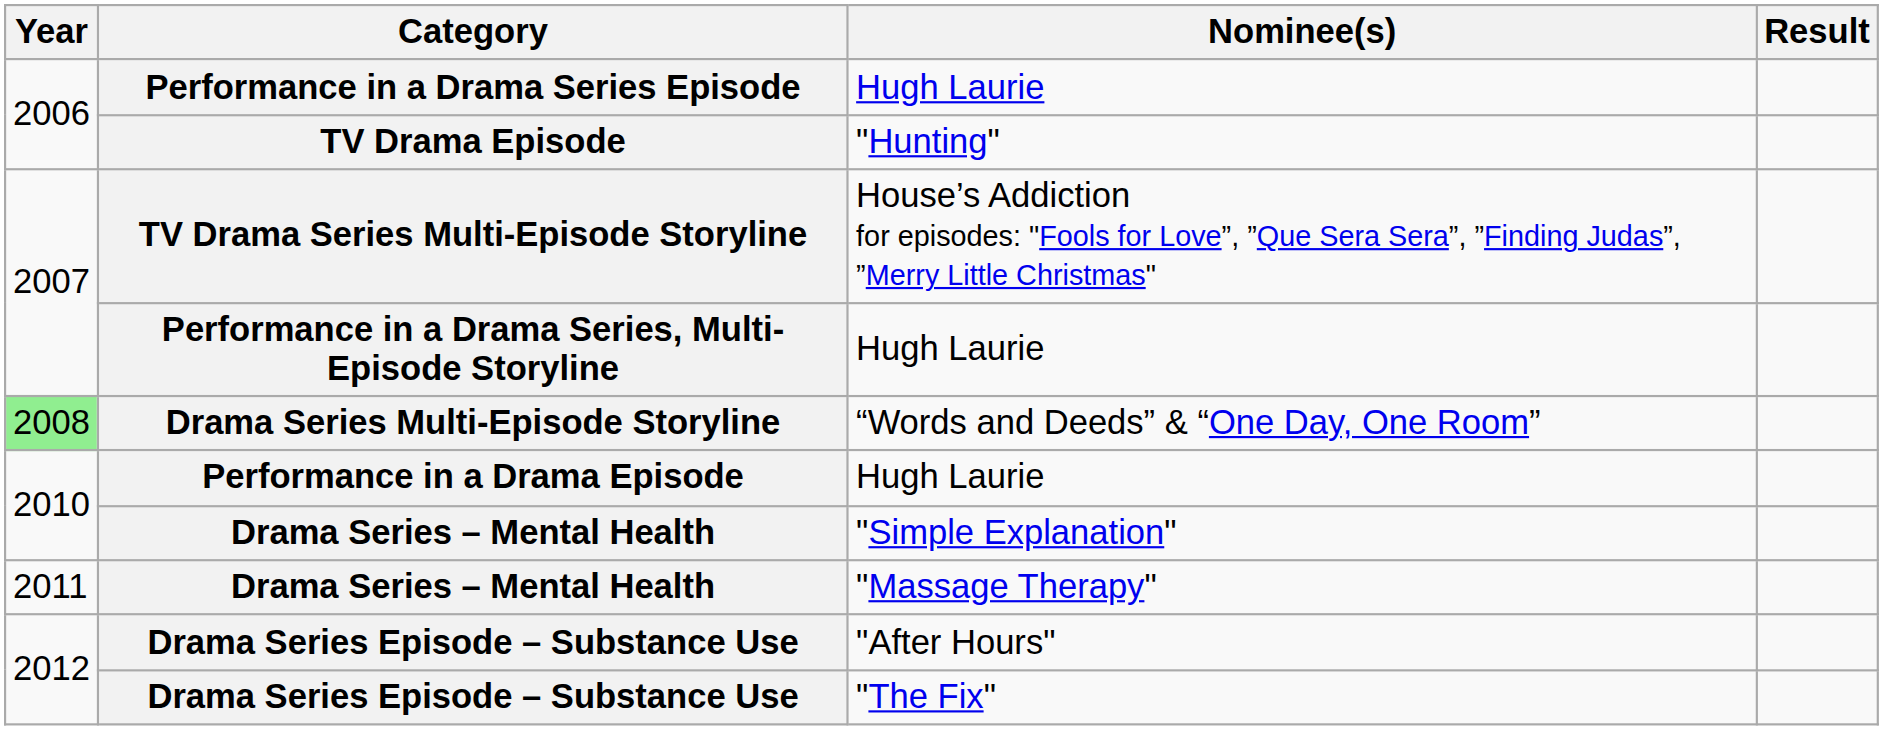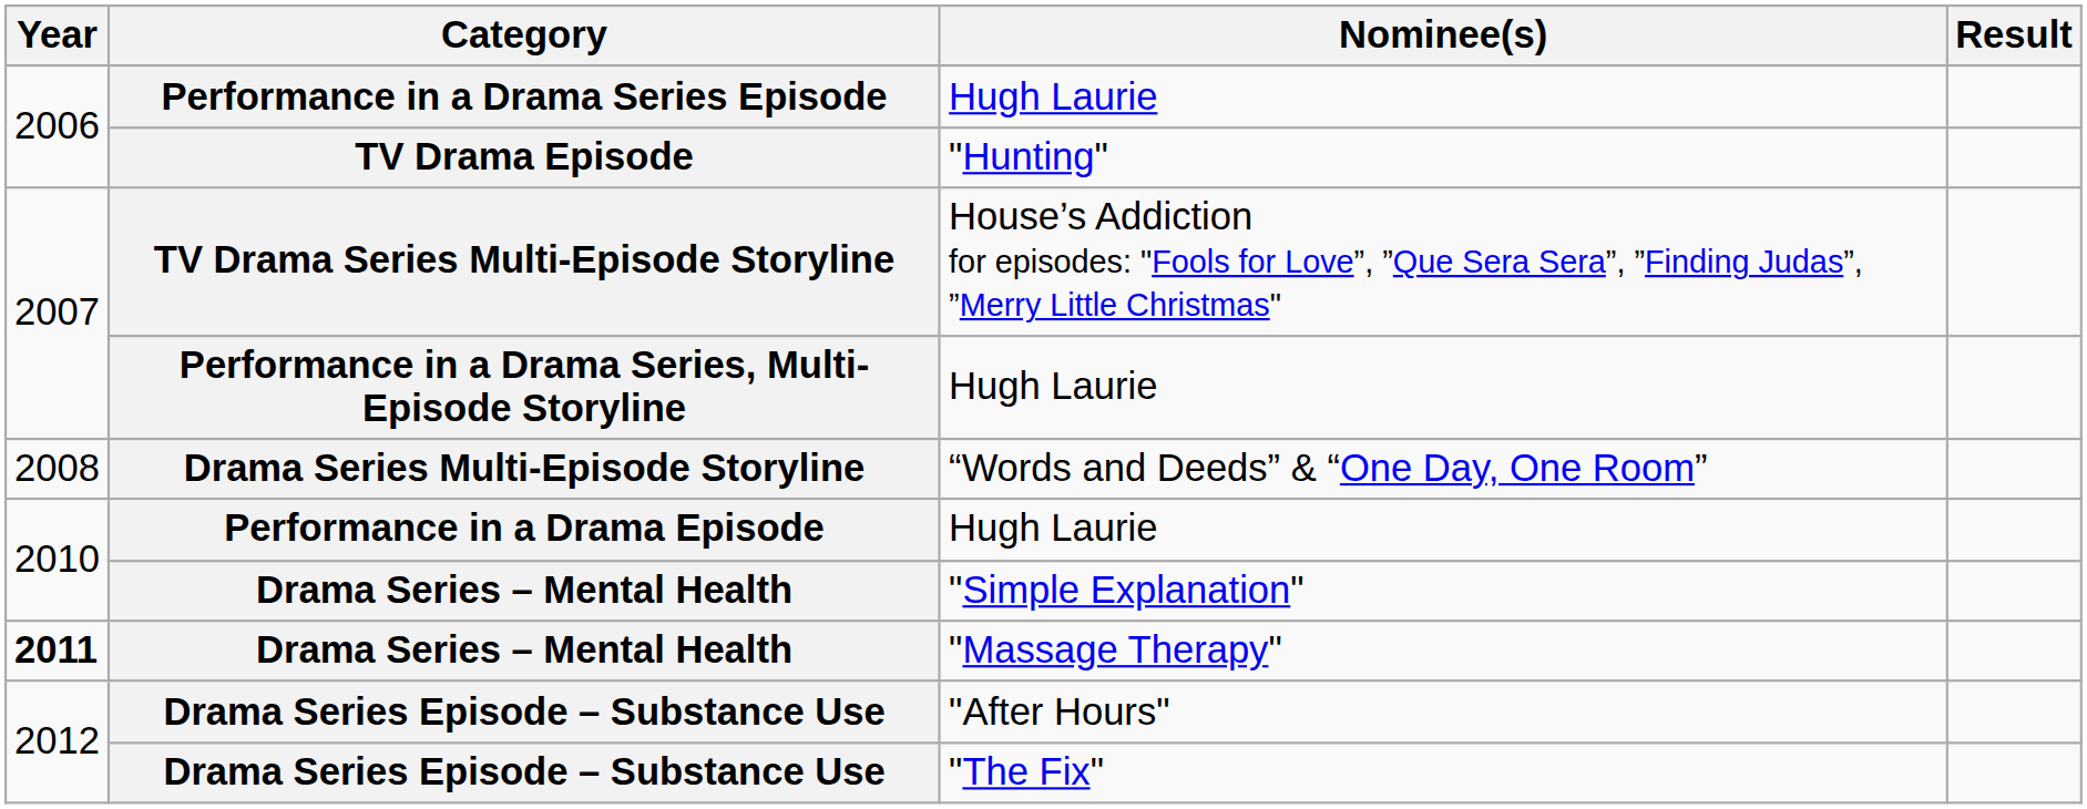 <table class="wikitable plainrowheaders">
 <tr>
 <th scope="col">Year</th>
 <th scope="col">Category</th>
 <th scope="col">Nominee(s)</th>
 <th scope="col">Result</th>
 </tr>
 <tr>
 <td rowspan="2">2006</td>
 <th scope="row">Performance in a Drama Series Episode</th>
 <td><a href='#'>Hugh Laurie</a></td>
 <td></td>
 </tr>
 <tr>
 <th scope="row">TV Drama Episode</th>
 <td>"<a href='#'>Hunting</a>"</td>
 <td></td>
 </tr>
 <tr>
 <td rowspan="2">2007</td>
 <th scope="row">TV Drama Series Multi-Episode Storyline</th>
 <td>House’s Addiction<br><small>for episodes: "<a href='#'>Fools for Love</a>”, ”<a href='#'>Que Sera Sera</a>”, ”<a href='#'>Finding Judas</a>”, ”<a href='#'>Merry Little Christmas</a>"</small></td>
 <td></td>
 </tr>
 <tr>
 <th scope="row">Performance in a Drama Series, Multi-Episode Storyline</th>
 <td>Hugh Laurie</td>
 <td></td>
 </tr>
 <tr>
-<td style="background: lightgreen;">2008</td>
+<td>2008</td>
 <th scope="row">Drama Series Multi-Episode Storyline</th>
 <td>“Words and Deeds” & “<a href='#'>One Day, One Room</a>”</td>
 <td></td>
 </tr>
 <tr>
 <td rowspan="2">2010</td>
 <th scope="row">Performance in a Drama Episode</th>
 <td>Hugh Laurie</td>
 <td></td>
 </tr>
 <tr>
 <th scope="row">Drama Series – Mental Health</th>
 <td>"<a href='#'>Simple Explanation</a>"</td>
 <td></td>
 </tr>
 <tr>
-<td>2011</td>
+<td><strong>2011</strong></td>
 <th scope="row">Drama Series – Mental Health</th>
 <td>"<a href='#'>Massage Therapy</a>"</td>
 <td></td>
 </tr>
 <tr>
 <td rowspan="2">2012</td>
 <th scope="row">Drama Series Episode – Substance Use</th>
 <td>"After Hours"</td>
 <td></td>
 </tr>
 <tr>
 <th scope="row">Drama Series Episode – Substance Use</th>
 <td>"<a href='#'>The Fix</a>"</td>
 <td></td>
 </tr>
 </table>
